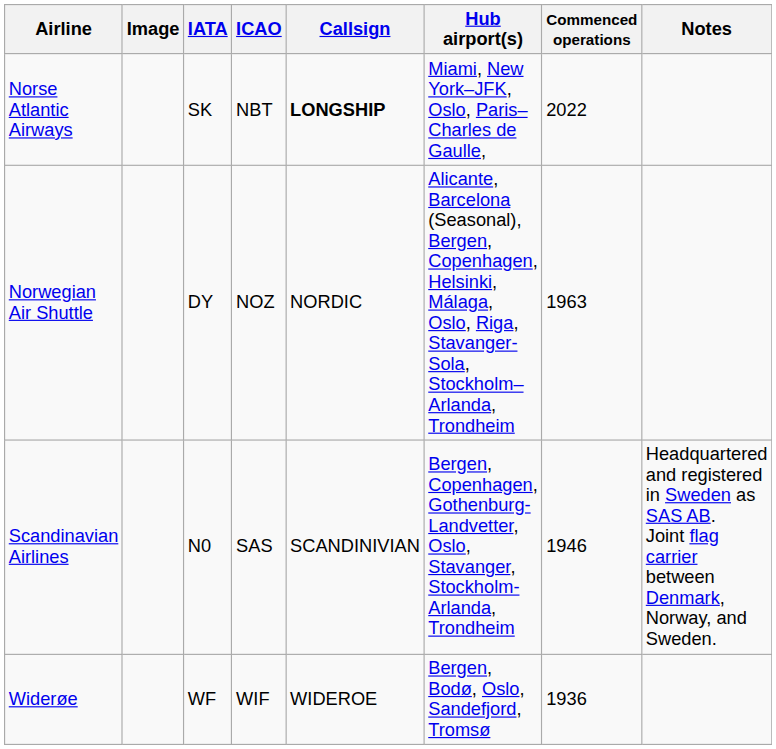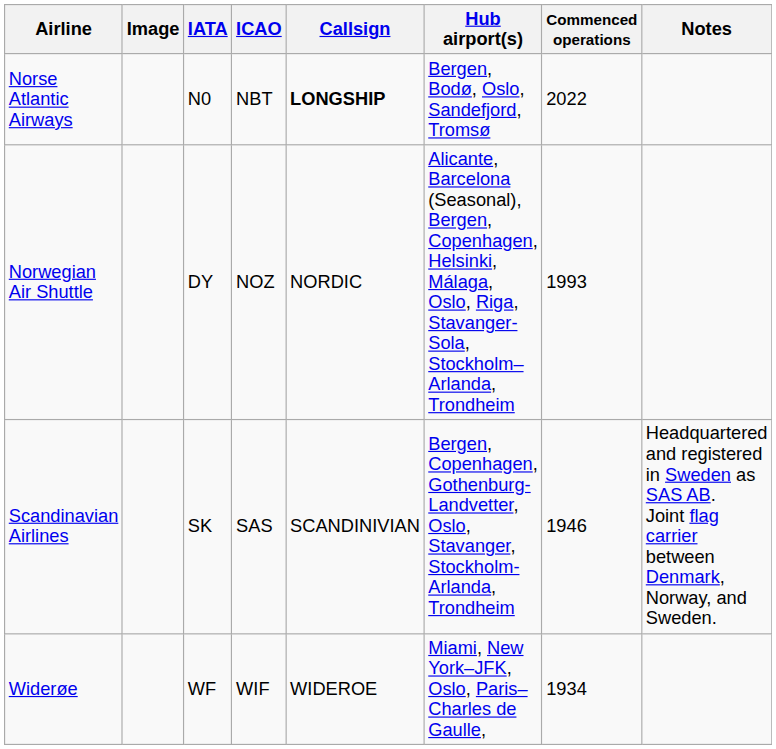 <table class="wikitable sortable" style="border: 0; cellpadding: 2; cellspacing: 3;">
 <tr valign="middle">
 <th>Airline</th>
 <th>Image</th>
 <th><a href='#'>IATA</a></th>
 <th><a href='#'>ICAO</a></th>
 <th><a href='#'>Callsign</a></th>
 <th><a href='#'>Hub</a> airport(s)</th>
 <th><small>Commenced<br>operations</small></th>
 <th>Notes</th>
 </tr>
 <tr>
 <td><a href='#'>Norse Atlantic Airways</a></td>
 <td></td>
-<td>SK</td>
+<td>N0</td>
 <td>NBT</td>
 <td><strong>LONGSHIP</strong></td>
-<td><a href='#'>Miami</a>, <a href='#'>New York–JFK</a>, <a href='#'>Oslo</a>, <a href='#'>Paris–Charles de Gaulle</a>,</td>
+<td><a href='#'>Bergen</a>, <a href='#'>Bodø</a>, <a href='#'>Oslo</a>, <a href='#'>Sandefjord</a>, <a href='#'>Tromsø</a></td>
 <td>2022</td>
 <td></td>
 </tr>
 <tr>
 <td><a href='#'>Norwegian Air Shuttle</a></td>
 <td></td>
 <td>DY</td>
 <td>NOZ</td>
 <td>NORDIC</td>
 <td><a href='#'>Alicante</a>, <a href='#'>Barcelona</a> (Seasonal), <a href='#'>Bergen</a>, <a href='#'>Copenhagen</a>, <a href='#'>Helsinki</a>, <a href='#'>Málaga</a>, <a href='#'>Oslo</a>, <a href='#'>Riga</a>, <a href='#'>Stavanger-Sola</a>, <a href='#'>Stockholm–Arlanda</a>, <a href='#'>Trondheim</a></td>
-<td>1963</td>
+<td>1993</td>
 <td></td>
 </tr>
 <tr>
 <td><a href='#'>Scandinavian Airlines</a></td>
 <td></td>
-<td>N0</td>
+<td>SK</td>
 <td>SAS</td>
 <td>SCANDINIVIAN</td>
 <td><a href='#'>Bergen</a>, <a href='#'>Copenhagen</a>, <a href='#'>Gothenburg-Landvetter</a>, <a href='#'>Oslo</a>, <a href='#'>Stavanger</a>, <a href='#'>Stockholm-Arlanda</a>, <a href='#'>Trondheim</a></td>
 <td>1946</td>
 <td>Headquartered and registered in <a href='#'>Sweden</a> as <a href='#'>SAS AB</a>.<br>Joint <a href='#'>flag carrier</a> between <a href='#'>Denmark</a>, Norway, and Sweden.</td>
 </tr>
 <tr>
 <td><a href='#'>Widerøe</a></td>
 <td></td>
 <td>WF</td>
 <td>WIF</td>
 <td>WIDEROE</td>
-<td><a href='#'>Bergen</a>, <a href='#'>Bodø</a>, <a href='#'>Oslo</a>, <a href='#'>Sandefjord</a>, <a href='#'>Tromsø</a></td>
-<td>1936</td>
+<td><a href='#'>Miami</a>, <a href='#'>New York–JFK</a>, <a href='#'>Oslo</a>, <a href='#'>Paris–Charles de Gaulle</a>,</td>
+<td>1934</td>
 <td></td>
 </tr>
 </table>
